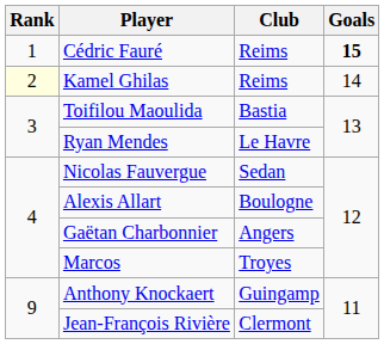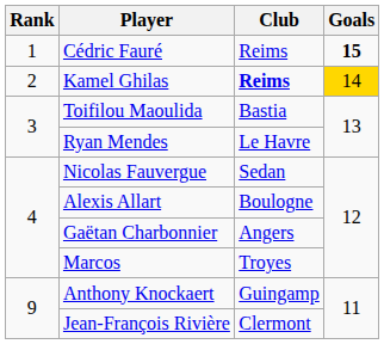 <table class="wikitable" style="text-align:center">
 <tr>
 <th>Rank</th>
 <th>Player</th>
 <th>Club</th>
 <th>Goals</th>
 </tr>
 <tr>
 <td>1</td>
 <td align="left"> <a href='#'>Cédric Fauré</a></td>
 <td align="left"><a href='#'>Reims</a></td>
 <td><strong>15</strong></td>
 </tr>
 <tr>
-<td style="background: lightyellow;">2</td>
+<td>2</td>
 <td align="left"> <a href='#'>Kamel Ghilas</a></td>
-<td align="left"><a href='#'>Reims</a></td>
-<td>14</td>
+<td align="left"><strong><a href='#'>Reims</a></strong></td>
+<td style="background: gold;">14</td>
 </tr>
 <tr>
 <td rowspan="2">3</td>
 <td align="left"> <a href='#'>Toifilou Maoulida</a></td>
 <td align="left"><a href='#'>Bastia</a></td>
 <td rowspan="2">13</td>
 </tr>
 <tr>
 <td align="left"> <a href='#'>Ryan Mendes</a></td>
 <td align="left"><a href='#'>Le Havre</a></td>
 </tr>
 <tr>
 <td rowspan="4">4</td>
 <td align="left"> <a href='#'>Nicolas Fauvergue</a></td>
 <td align="left"><a href='#'>Sedan</a></td>
 <td rowspan="4">12</td>
 </tr>
 <tr>
 <td align="left"> <a href='#'>Alexis Allart</a></td>
 <td align="left"><a href='#'>Boulogne</a></td>
 </tr>
 <tr>
 <td align="left"> <a href='#'>Gaëtan Charbonnier</a></td>
 <td align="left"><a href='#'>Angers</a></td>
 </tr>
 <tr>
 <td align="left"> <a href='#'>Marcos</a></td>
 <td align="left"><a href='#'>Troyes</a></td>
 </tr>
 <tr>
 <td rowspan="2">9</td>
 <td align="left"> <a href='#'>Anthony Knockaert</a></td>
 <td align="left"><a href='#'>Guingamp</a></td>
 <td rowspan="2">11</td>
 </tr>
 <tr>
 <td align="left"> <a href='#'>Jean-François Rivière</a></td>
 <td align="left"><a href='#'>Clermont</a></td>
 </tr>
 </table>
